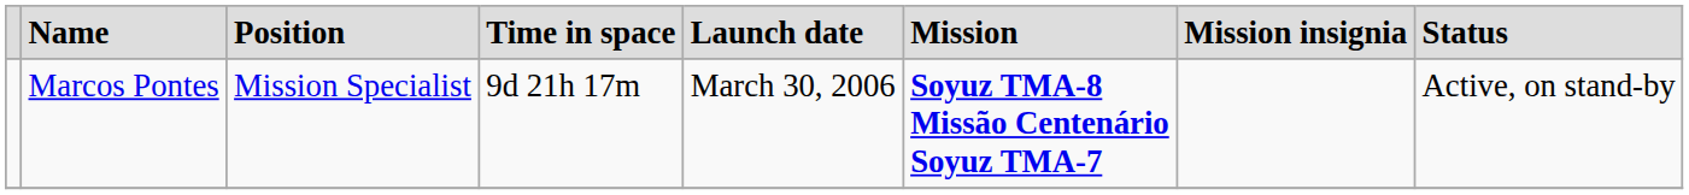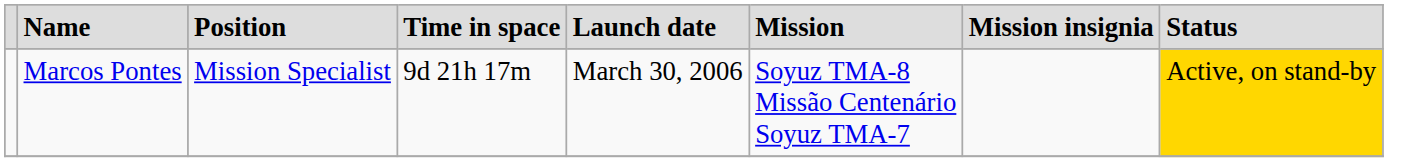 <table class="wikitable sortable" style="font-size:95%;">
 <tr valign=baseline style="font-weight:bold; background-color: #DDDDDD;">
 <td></td>
 <td>Name</td>
 <td>Position</td>
 <td>Time in space</td>
 <td>Launch date</td>
 <td>Mission</td>
 <td>Mission insignia</td>
 <td>Status</td>
 </tr>
 <tr valign=top>
 <td></td>
 <td><a href='#'>Marcos Pontes</a></td>
 <td><a href='#'>Mission Specialist</a></td>
 <td>9d 21h 17m</td>
 <td>March 30, 2006</td>
-<td><strong><a href='#'>Soyuz TMA-8</a><br><a href='#'>Missão Centenário</a><br><a href='#'>Soyuz TMA-7</a></strong></td>
+<td><a href='#'>Soyuz TMA-8</a><br><a href='#'>Missão Centenário</a><br><a href='#'>Soyuz TMA-7</a></td>
 <td><br><br></td>
-<td>Active, on stand-by</td>
+<td style="background: gold;">Active, on stand-by</td>
 </tr>
 <tr valign=top>
 </tr>
 </table>
